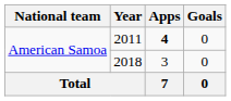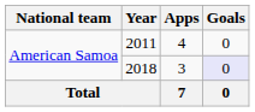 <table class="wikitable" style="text-align:center">
 <tr>
 <th>National team</th>
 <th>Year</th>
 <th>Apps</th>
 <th>Goals</th>
 </tr>
 <tr>
 <td rowspan="2"><a href='#'>American Samoa</a></td>
 <td>2011</td>
-<td><strong>4</strong></td>
+<td>4</td>
 <td>0</td>
 </tr>
 <tr>
 <td>2018</td>
 <td>3</td>
-<td>0</td>
+<td style="background: lavender;">0</td>
 </tr>
 <tr>
 <th colspan="2">Total</th>
 <th>7</th>
 <th>0</th>
 </tr>
 </table>
